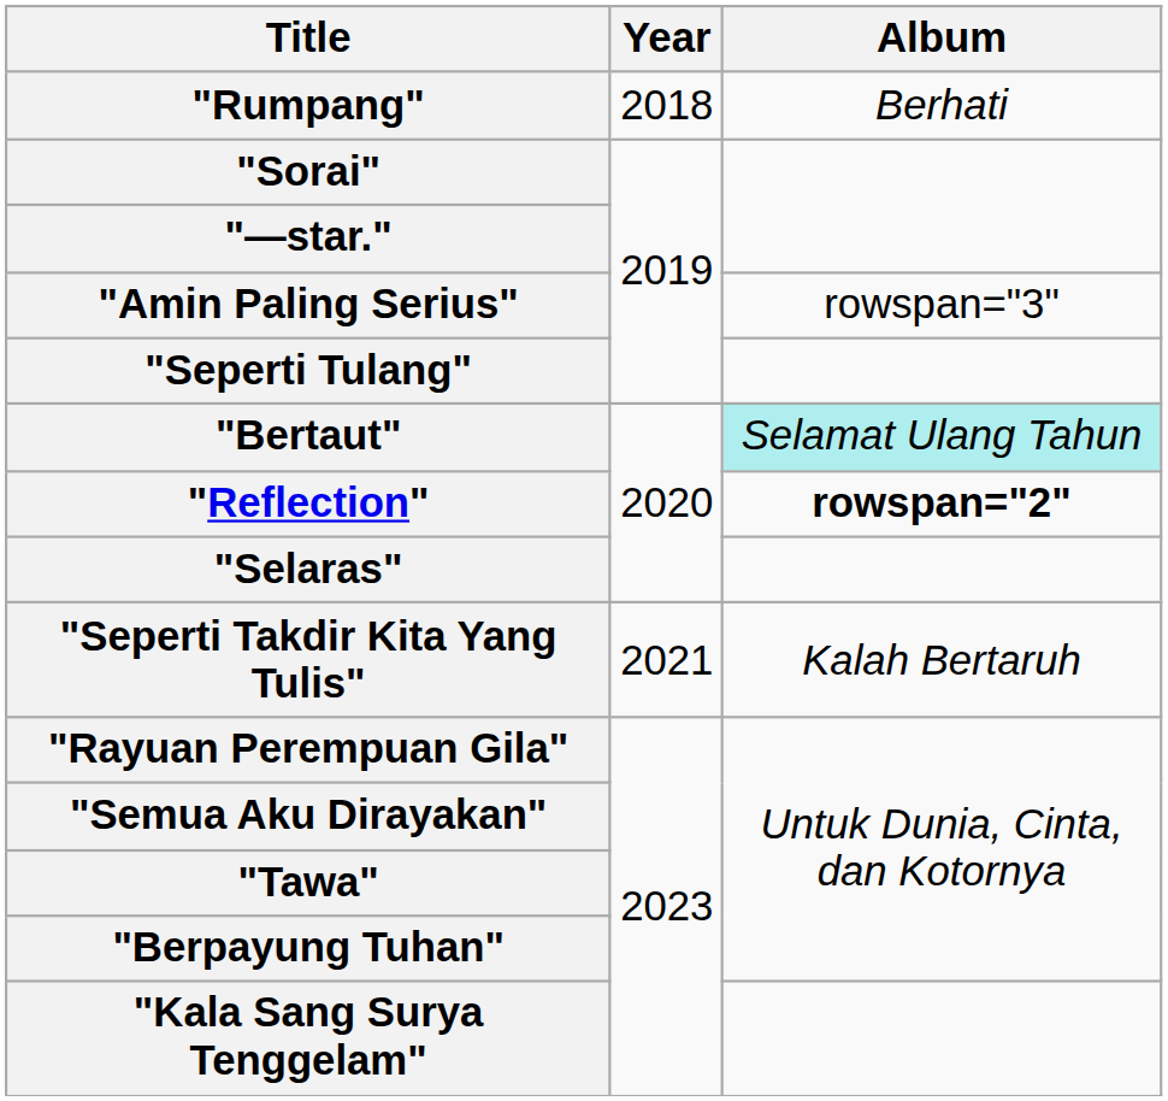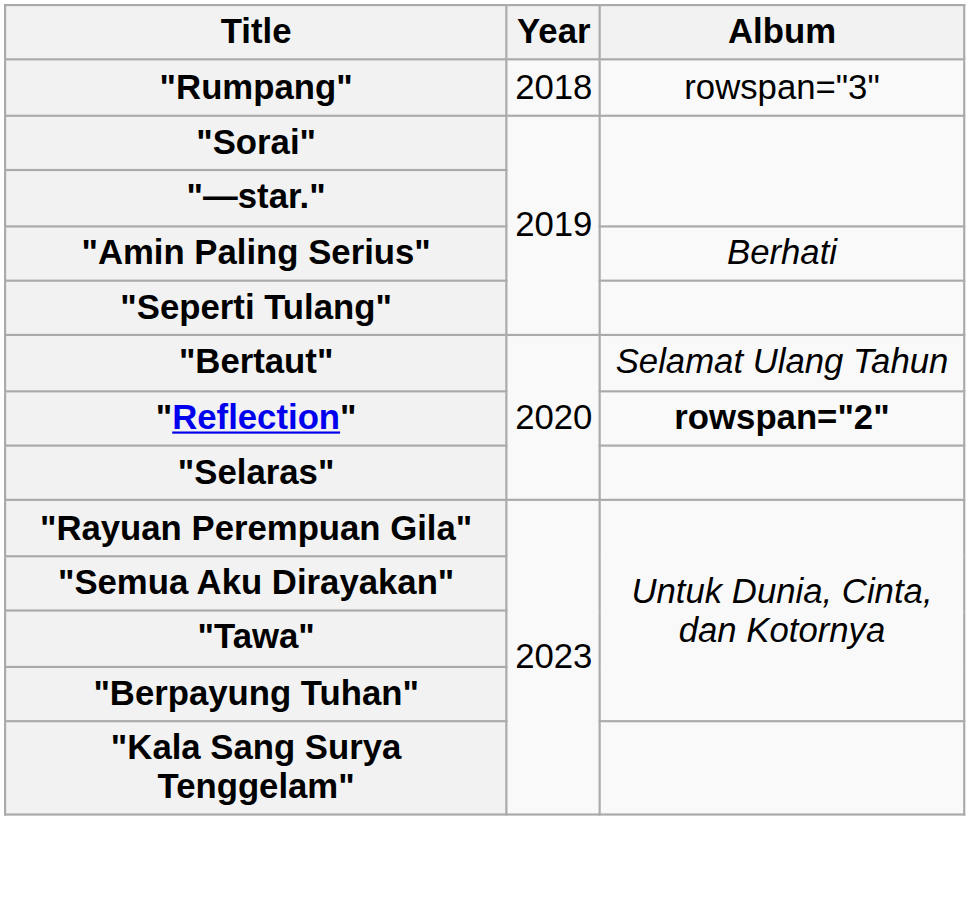 <table class="wikitable plainrowheaders" style="text-align:center;">
 <tr>
 <th scope="col" style="width:14em;">Title</th>
 <th scope="col">Year</th>
 <th scope="col" style="width:10em;">Album</th>
 </tr>
 <tr>
 <th scope="row">"Rumpang"</th>
 <td>2018</td>
-<td><em>Berhati</em></td>
+<td>rowspan="3" </td>
 </tr>
 <tr>
 <th scope="row">"Sorai"</th>
 <td rowspan="4">2019</td>
 </tr>
 <tr>
 <th scope="row">"—star."</th>
 </tr>
 <tr>
 <th scope="row">"Amin Paling Serius"<br></th>
-<td>rowspan="3" </td>
+<td><em>Berhati</em></td>
 </tr>
 <tr>
 <th scope="row">"Seperti Tulang"</th>
 <td></td>
 </tr>
 <tr>
 <th scope="row">"Bertaut"</th>
 <td rowspan="3">2020</td>
-<td style="background: paleturquoise;"><em>Selamat Ulang Tahun</em></td>
+<td><em>Selamat Ulang Tahun</em></td>
 </tr>
 <tr>
 <th scope="row">"<a href='#'>Reflection</a>"<br></th>
 <td><strong>rowspan="2" </strong></td>
 </tr>
 <tr>
 <th scope="row">"Selaras"<br></th>
-</tr>
-<tr>
-<th scope="row">"Seperti Takdir Kita Yang Tulis"</th>
-<td>2021</td>
-<td><em>Kalah Bertaruh</em></td>
 </tr>
 <tr>
 <th scope="row">"Rayuan Perempuan Gila"</th>
 <td rowspan="5">2023</td>
 <td rowspan="4"><em>Untuk Dunia, Cinta, dan Kotornya</em></td>
 </tr>
 <tr>
 <th scope="row">"Semua Aku Dirayakan"</th>
 </tr>
 <tr>
 <th scope="row">"Tawa"</th>
 </tr>
 <tr>
 <th scope="row">"Berpayung Tuhan"</th>
 </tr>
 <tr>
 <th scope="row">"Kala Sang Surya Tenggelam"</th>
 <td></td>
 </tr>
 </table>
